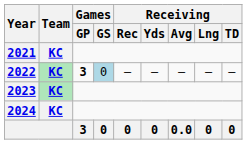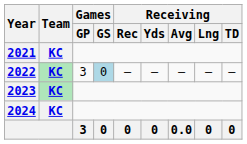 <table class=wikitable style="text-align:center;">
 <tr>
 <th rowspan="2">Year</th>
 <th rowspan="2">Team</th>
 <th colspan="2">Games</th>
 <th colspan="5">Receiving</th>
 </tr>
 <tr>
 <th>GP</th>
 <th>GS</th>
 <th>Rec</th>
 <th>Yds</th>
 <th>Avg</th>
 <th>Lng</th>
 <th>TD</th>
 </tr>
 <tr>
 <th><a href='#'>2021</a></th>
 <th><a href='#'>KC</a></th>
 <td colspan="7"></td>
 </tr>
 <tr>
 <th><a href='#'>2022</a></th>
 <th style="background:#afe6ba;"><a href='#'>KC</a></th>
-<td><strong>3</strong></td>
+<td>3</td>
 <td style="background: lightblue;">0</td>
 <td>—</td>
 <td>—</td>
 <td>—</td>
 <td>—</td>
 <td>—</td>
 </tr>
 <tr>
 <th><a href='#'>2023</a></th>
 <th style="background:#afe6ba;"><a href='#'>KC</a></th>
 <td colspan="7"></td>
 </tr>
 <tr>
 <th><a href='#'>2024</a></th>
 <th><a href='#'>KC</a></th>
 <td colspan="7"></td>
 </tr>
 <tr>
 <th colspan="2"></th>
 <th>3</th>
 <th>0</th>
 <th>0</th>
 <th>0</th>
 <th>0.0</th>
 <th>0</th>
 <th>0</th>
 </tr>
 </table>
